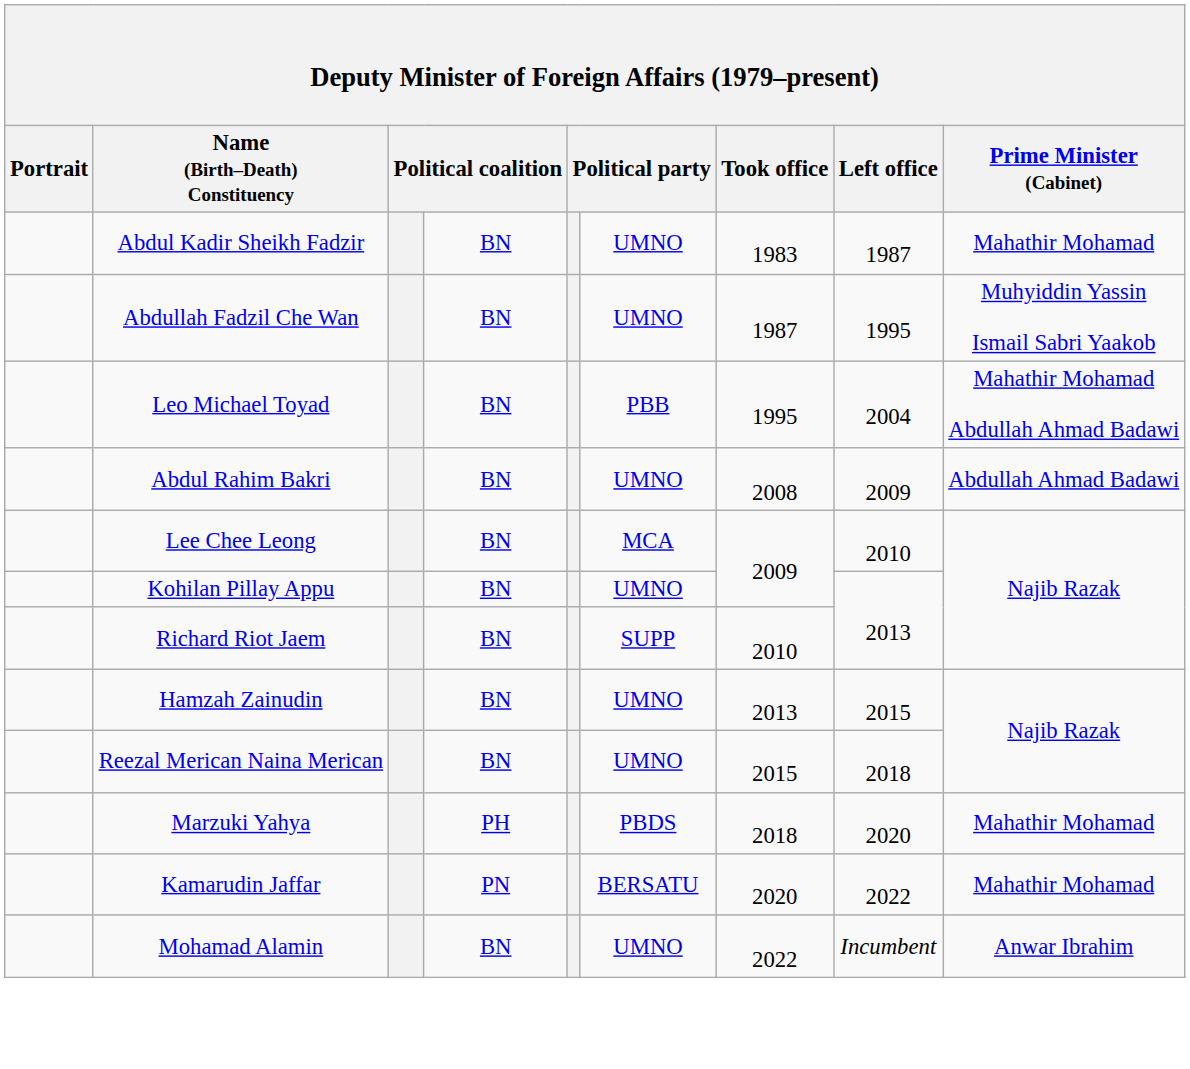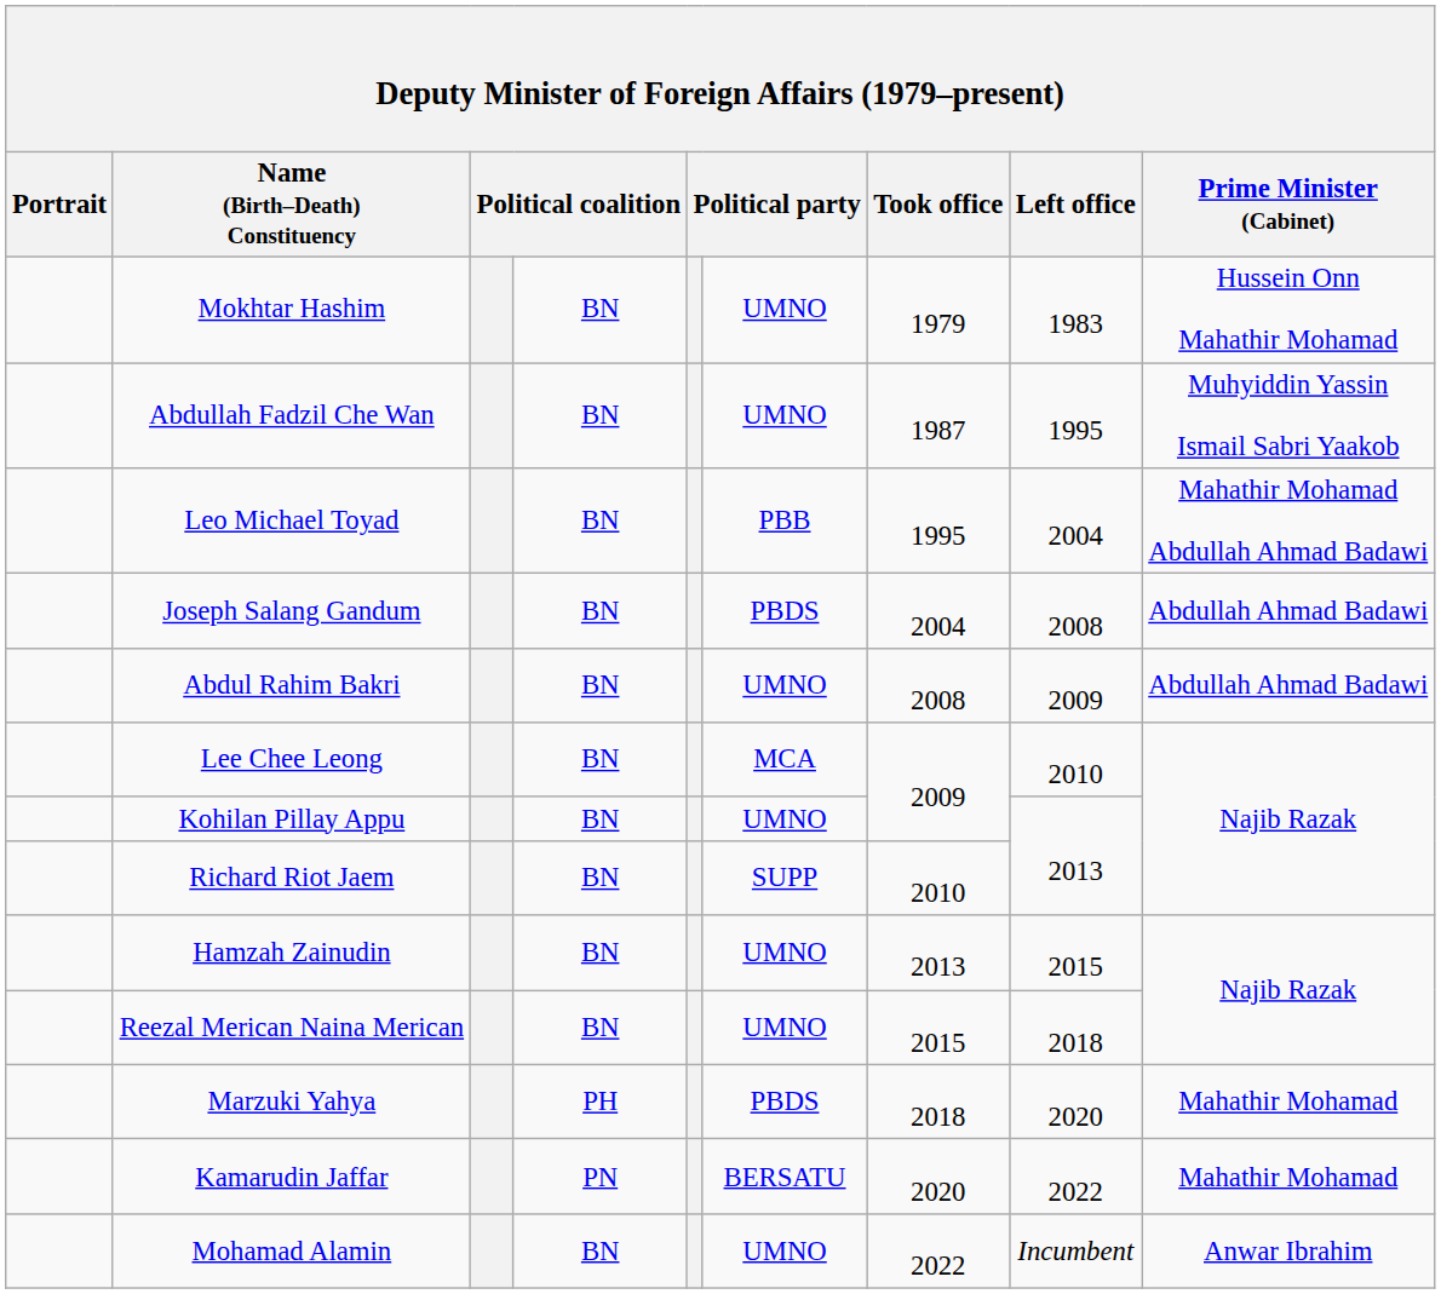 <table class="wikitable" style="text-align:center;">
 <tr>
 <th colspan="9"><br><h3>Deputy Minister of Foreign Affairs (1979–present)</h3></th>
 </tr>
 <tr>
 <th>Portrait</th>
 <th>Name<br><small>(Birth–Death)<br>Constituency</small></th>
 <th colspan="2">Political coalition</th>
 <th colspan="2">Political party</th>
 <th>Took office</th>
 <th>Left office</th>
 <th><a href='#'>Prime Minister</a><br><small>(Cabinet)</small></th>
 </tr>
 <tr>
 <td></td>
-<td><a href='#'>Abdul Kadir Sheikh Fadzir</a><br></td>
+<td><a href='#'>Mokhtar Hashim</a><br></td>
 <th style="background:"></th>
 <td><a href='#'>BN</a></td>
 <th style="background:"></th>
 <td><a href='#'>UMNO</a></td>
+<td><br>1979</td>
 <td><br>1983</td>
-<td><br>1987</td>
-<td><a href='#'>Mahathir Mohamad</a><br></td>
+<td><a href='#'>Hussein Onn</a><br><br><a href='#'>Mahathir Mohamad</a><br></td>
 </tr>
 <tr>
 <td></td>
 <td><a href='#'>Abdullah Fadzil Che Wan</a><br></td>
 <th style="background:"></th>
 <td><a href='#'>BN</a></td>
 <th style="background:"></th>
 <td><a href='#'>UMNO</a></td>
 <td><br>1987</td>
 <td><br>1995</td>
 <td><a href='#'>Muhyiddin Yassin</a><br><br><a href='#'>Ismail Sabri Yaakob</a><br></td>
 </tr>
 <tr>
 <td></td>
 <td><a href='#'>Leo Michael Toyad</a><br></td>
 <th style="background:"></th>
 <td><a href='#'>BN</a></td>
 <th style="background:"></th>
 <td><a href='#'>PBB</a></td>
 <td><br>1995</td>
 <td><br>2004</td>
 <td><a href='#'>Mahathir Mohamad</a><br><br><a href='#'>Abdullah Ahmad Badawi</a><br></td>
+</tr>
+<tr>
+<td></td>
+<td><a href='#'>Joseph Salang Gandum</a><br></td>
+<th style="background:"></th>
+<td><a href='#'>BN</a></td>
+<th style="background:"></th>
+<td><a href='#'>PBDS</a></td>
+<td><br>2004</td>
+<td><br>2008</td>
+<td><a href='#'>Abdullah Ahmad Badawi</a><br></td>
 </tr>
 <tr>
 <td></td>
 <td><a href='#'>Abdul Rahim Bakri</a><br></td>
 <th style="background:"></th>
 <td><a href='#'>BN</a></td>
 <th style="background:"></th>
 <td><a href='#'>UMNO</a></td>
 <td><br>2008</td>
 <td><br>2009</td>
 <td><a href='#'>Abdullah Ahmad Badawi</a><br></td>
 </tr>
 <tr>
 <td></td>
 <td><a href='#'>Lee Chee Leong</a><br></td>
 <th style="background:"></th>
 <td><a href='#'>BN</a></td>
 <th style="background:"></th>
 <td><a href='#'>MCA</a></td>
 <td rowspan="2"><br>2009</td>
 <td><br>2010</td>
 <td rowspan="3"><a href='#'>Najib Razak</a><br></td>
 </tr>
 <tr>
 <td></td>
 <td><a href='#'>Kohilan Pillay Appu</a><br></td>
 <th style="background:"></th>
 <td><a href='#'>BN</a></td>
 <th style="background:"></th>
 <td><a href='#'>UMNO</a></td>
 <td rowspan="2"><br>2013</td>
 </tr>
 <tr>
 <td></td>
 <td><a href='#'>Richard Riot Jaem</a><br></td>
 <th style="background:"></th>
 <td><a href='#'>BN</a></td>
 <th style="background:"></th>
 <td><a href='#'>SUPP</a></td>
 <td><br>2010</td>
 </tr>
 <tr>
 <td></td>
 <td><a href='#'>Hamzah Zainudin</a><br></td>
 <th style="background:"></th>
 <td><a href='#'>BN</a></td>
 <th style="background:"></th>
 <td><a href='#'>UMNO</a></td>
 <td><br>2013</td>
 <td><br>2015</td>
 <td rowspan="2"><a href='#'>Najib Razak</a><br></td>
 </tr>
 <tr>
 <td></td>
 <td><a href='#'>Reezal Merican Naina Merican</a><br></td>
 <th style="background:"></th>
 <td><a href='#'>BN</a></td>
 <th style="background:"></th>
 <td><a href='#'>UMNO</a></td>
 <td><br>2015</td>
 <td><br>2018</td>
 </tr>
 <tr>
 <td></td>
 <td><a href='#'>Marzuki Yahya</a><br></td>
 <th style="background:"></th>
 <td><a href='#'>PH</a></td>
 <th style="background:"></th>
 <td><a href='#'>PBDS</a></td>
 <td><br>2018</td>
 <td><br>2020</td>
 <td><a href='#'>Mahathir Mohamad</a><br></td>
 </tr>
 <tr>
 <td></td>
 <td><a href='#'>Kamarudin Jaffar</a><br></td>
 <th style="background:"></th>
 <td><a href='#'>PN</a></td>
 <th style="background:"></th>
 <td><a href='#'>BERSATU</a></td>
 <td><br>2020</td>
 <td><br>2022</td>
 <td><a href='#'>Mahathir Mohamad</a><br></td>
 </tr>
 <tr>
 <td></td>
 <td><a href='#'>Mohamad Alamin</a><br></td>
 <th style="background:"></th>
 <td><a href='#'>BN</a></td>
 <th style="background:"></th>
 <td><a href='#'>UMNO</a></td>
 <td><br>2022</td>
 <td><em>Incumbent</em></td>
 <td><a href='#'>Anwar Ibrahim</a><br></td>
 </tr>
 </table>
